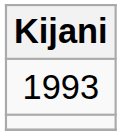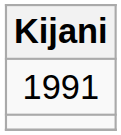 <table class="wikitable" style="margin: 0.5em auto; text-align: center;">
 <tr>
 <th colspan="1">Kijani</th>
 </tr>
 <tr>
-<td>1993</td>
+<td>1991</td>
 </tr>
 <tr>
 <td></td>
 </tr>
 <tr>
 </tr>
 </table>
